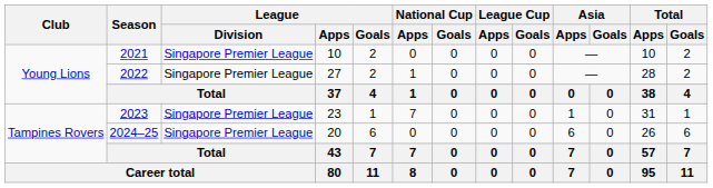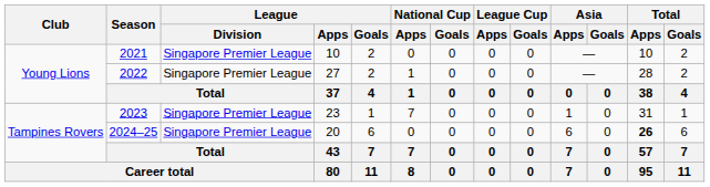 <table class=wikitable style=text-align:center>
 <tr>
 <th rowspan=2>Club</th>
 <th rowspan=2>Season</th>
 <th colspan=3>League</th>
 <th colspan=2>National Cup</th>
 <th colspan=2>League Cup</th>
 <th colspan=2>Asia</th>
 <th colspan=2>Total</th>
 </tr>
 <tr>
 <th>Division</th>
 <th>Apps</th>
 <th>Goals</th>
 <th>Apps</th>
 <th>Goals</th>
 <th>Apps</th>
 <th>Goals</th>
 <th>Apps</th>
 <th>Goals</th>
 <th>Apps</th>
 <th>Goals</th>
 </tr>
 <tr>
 <td rowspan="3"><a href='#'>Young Lions</a></td>
 <td><a href='#'>2021</a></td>
 <td><a href='#'>Singapore Premier League</a></td>
 <td>10</td>
 <td>2</td>
 <td>0</td>
 <td>0</td>
 <td>0</td>
 <td>0</td>
 <td colspan='2'>—</td>
 <td>10</td>
 <td>2</td>
 </tr>
 <tr>
 <td><a href='#'>2022</a></td>
 <td>Singapore Premier League</td>
 <td>27</td>
 <td>2</td>
 <td>1</td>
 <td>0</td>
 <td>0</td>
 <td>0</td>
 <td colspan='2'>—</td>
 <td>28</td>
 <td>2</td>
 </tr>
 <tr>
 <th colspan=2>Total</th>
 <th>37</th>
 <th>4</th>
 <th>1</th>
 <th>0</th>
 <th>0</th>
 <th>0</th>
 <th>0</th>
 <th>0</th>
 <th>38</th>
 <th>4</th>
 </tr>
 <tr>
 <td rowspan="3"><a href='#'>Tampines Rovers</a></td>
 <td><a href='#'>2023</a></td>
 <td><a href='#'>Singapore Premier League</a></td>
 <td>23</td>
 <td>1</td>
 <td>7</td>
 <td>0</td>
 <td>0</td>
 <td>0</td>
 <td>1</td>
 <td>0</td>
 <td>31</td>
 <td>1</td>
 </tr>
 <tr>
 <td><a href='#'>2024–25</a></td>
 <td><a href='#'>Singapore Premier League</a></td>
 <td>20</td>
 <td>6</td>
 <td>0</td>
 <td>0</td>
 <td>0</td>
 <td>0</td>
 <td>6</td>
 <td>0</td>
-<td>26</td>
+<td><strong>26</strong></td>
 <td>6</td>
 </tr>
 <tr>
 <th colspan=2>Total</th>
 <th>43</th>
 <th>7</th>
 <th>7</th>
 <th>0</th>
 <th>0</th>
 <th>0</th>
 <th>7</th>
 <th>0</th>
 <th>57</th>
 <th>7</th>
 </tr>
 <tr>
 <th colspan=3>Career total</th>
 <th>80</th>
 <th>11</th>
 <th>8</th>
 <th>0</th>
 <th>0</th>
 <th>0</th>
 <th>7</th>
 <th>0</th>
 <th>95</th>
 <th>11</th>
 </tr>
 </table>
